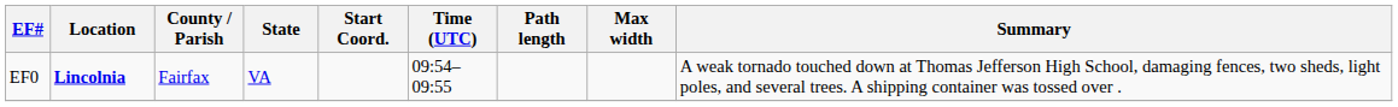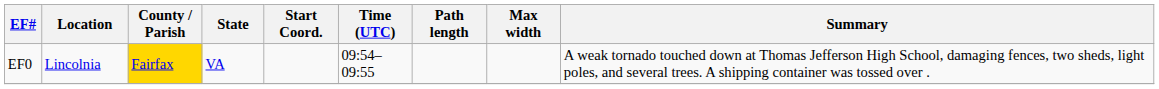 <table class="wikitable sortable" style="width:100%;">
 <tr>
 <th scope="col"  style="width:3%; text-align:center;"><a href='#'>EF#</a></th>
 <th scope="col"  style="width:7%; text-align:center;" class="unsortable">Location</th>
 <th scope="col"  style="width:6%; text-align:center;" class="unsortable">County / Parish</th>
 <th scope="col"  style="width:5%; text-align:center;">State</th>
 <th scope="col"  style="width:6%; text-align:center;">Start Coord.</th>
 <th scope="col"  style="width:6%; text-align:center;">Time (<a href='#'>UTC</a>)</th>
 <th scope="col"  style="width:6%; text-align:center;">Path length</th>
 <th scope="col"  style="width:6%; text-align:center;">Max width</th>
 <th scope="col" class="unsortable" style="width:48%; text-align:center;">Summary</th>
 </tr>
 <tr>
 <td bgcolor=>EF0</td>
-<td><strong><a href='#'>Lincolnia</a></strong></td>
-<td><a href='#'>Fairfax</a></td>
+<td><a href='#'>Lincolnia</a></td>
+<td style="background: gold;"><a href='#'>Fairfax</a></td>
 <td><a href='#'>VA</a></td>
 <td></td>
 <td>09:54–09:55</td>
 <td></td>
 <td></td>
 <td>A weak tornado touched down at Thomas Jefferson High School, damaging fences, two sheds, light poles, and several trees. A shipping container was tossed over .</td>
 </tr>
 <tr>
 </tr>
 </table>
